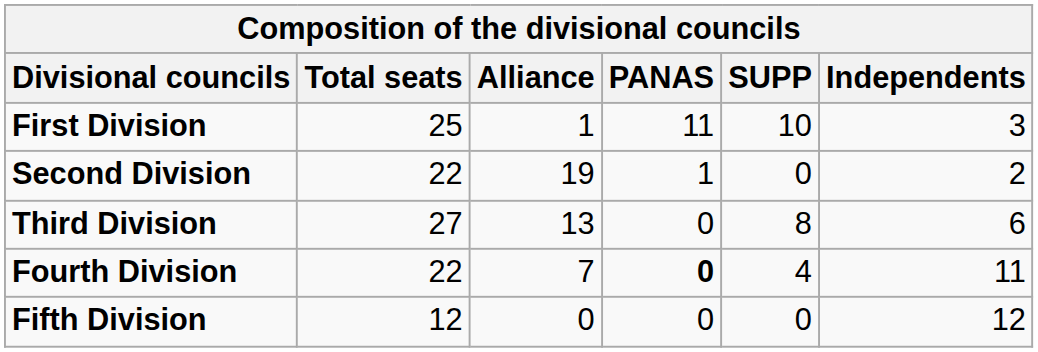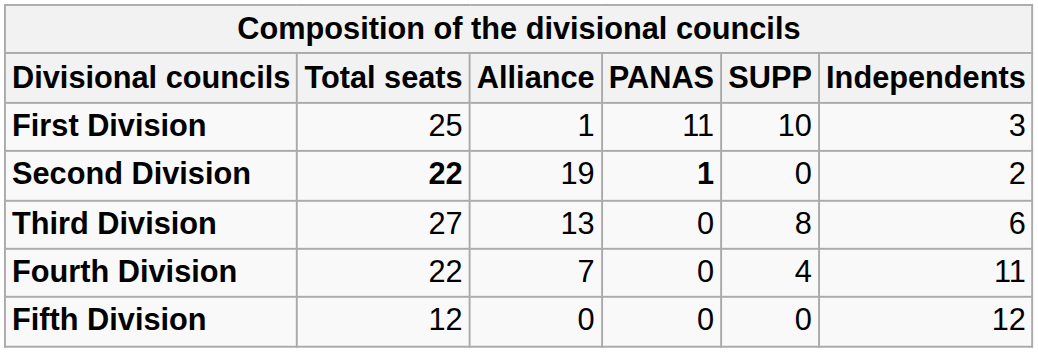 <table class=wikitable style=text-align:right>
 <tr>
 <th colspan = "8"><strong> Composition of the divisional councils</strong></th>
 </tr>
 <tr>
 <th>Divisional councils</th>
 <th>Total seats</th>
 <th>Alliance</th>
 <th>PANAS</th>
 <th>SUPP</th>
 <th>Independents</th>
 </tr>
 <tr>
 <td align=left><strong>First Division</strong></td>
 <td>25</td>
 <td>1</td>
 <td>11</td>
 <td>10</td>
 <td>3</td>
 </tr>
 <tr>
 <td align=left><strong>Second Division</strong></td>
-<td>22</td>
+<td><strong>22</strong></td>
 <td>19</td>
-<td>1</td>
+<td><strong>1</strong></td>
 <td>0</td>
 <td>2</td>
 </tr>
 <tr>
 <td align=left><strong>Third Division</strong></td>
 <td>27</td>
 <td>13</td>
 <td>0</td>
 <td>8</td>
 <td>6</td>
 </tr>
 <tr>
 <td align=left><strong>Fourth Division</strong></td>
 <td>22</td>
 <td>7</td>
-<td><strong>0</strong></td>
+<td>0</td>
 <td>4</td>
 <td>11</td>
 </tr>
 <tr>
 <td align=left><strong>Fifth Division</strong></td>
 <td>12</td>
 <td>0</td>
 <td>0</td>
 <td>0</td>
 <td>12</td>
 </tr>
 </table>
